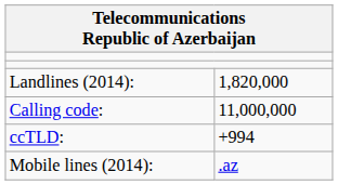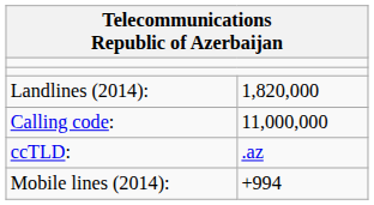 <table class="wikitable" border="1" width="300" align="right">
 <tr>
 <th colspan="2" align="center">Telecommunications <br>Republic of Azerbaijan</th>
 </tr>
 <tr>
 <td colspan="2" align="center"></td>
 </tr>
 <tr>
 <td colspan="2" align="center"></td>
 </tr>
 <tr>
 <td> Landlines (2014):</td>
 <td>1,820,000</td>
 </tr>
 <tr>
 <td><a href='#'>Calling code</a>:</td>
 <td>11,000,000</td>
 </tr>
 <tr>
 <td><a href='#'>ccTLD</a>:</td>
-<td>+994</td>
+<td><a href='#'>.az</a></td>
 </tr>
 <tr>
 <td> Mobile lines (2014):</td>
-<td><a href='#'>.az</a></td>
+<td>+994</td>
 </tr>
 </table>
